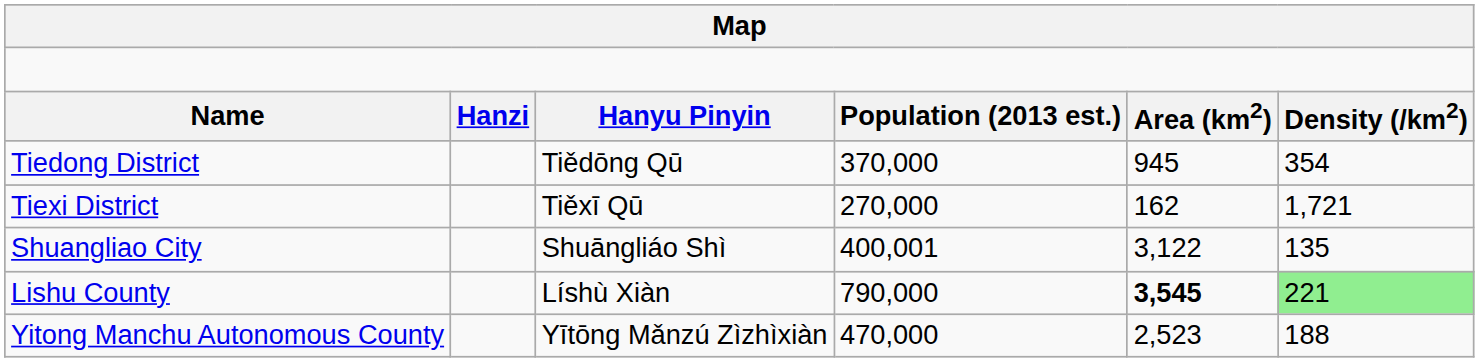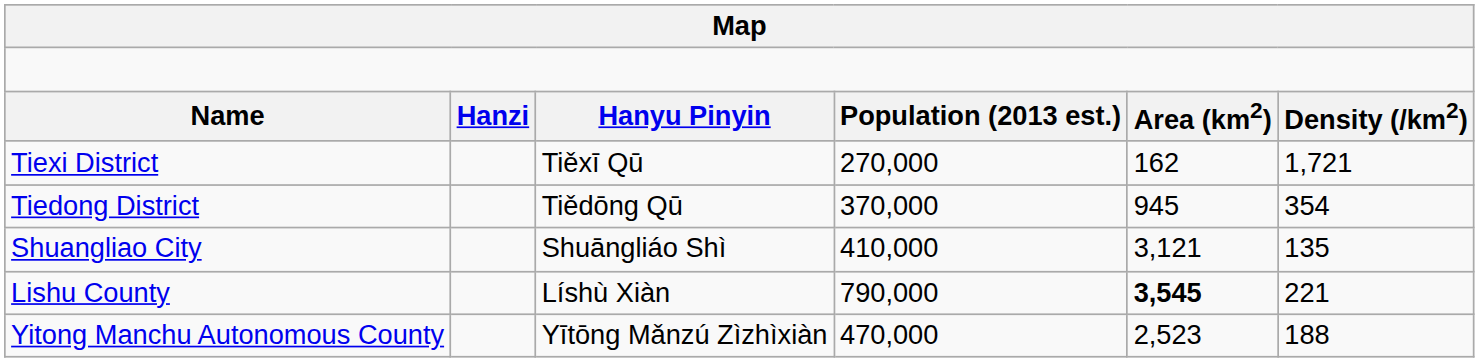 <table class="wikitable" align=center>
 <tr>
 <th colspan="6" align="center">Map</th>
 </tr>
 <tr>
 <td colspan="6" align="center"><div><br>        </div></td>
 </tr>
 <tr>
 <th>Name</th>
 <th><a href='#'>Hanzi</a></th>
 <th><a href='#'>Hanyu Pinyin</a></th>
 <th>Population (2013 est.)</th>
 <th>Area (km<sup>2</sup>)</th>
 <th>Density (/km<sup>2</sup>)</th>
 </tr>
 <tr --------->
+<td><a href='#'>Tiexi District</a></td>
+<td></td>
+<td>Tiěxī Qū</td>
+<td>270,000</td>
+<td>162</td>
+<td>1,721</td>
+</tr>
+<tr --------->
 <td><a href='#'>Tiedong District</a></td>
 <td></td>
 <td>Tiědōng Qū</td>
 <td>370,000</td>
 <td>945</td>
 <td>354</td>
 </tr>
 <tr --------->
-<td><a href='#'>Tiexi District</a></td>
-<td></td>
-<td>Tiěxī Qū</td>
-<td>270,000</td>
-<td>162</td>
-<td>1,721</td>
-</tr>
-<tr --------->
 <td><a href='#'>Shuangliao City</a></td>
 <td></td>
 <td>Shuāngliáo Shì</td>
-<td>400,001</td>
-<td>3,122</td>
+<td>410,000</td>
+<td>3,121</td>
 <td>135</td>
 </tr>
 <tr --------->
 <td><a href='#'>Lishu County</a></td>
 <td></td>
 <td>Líshù Xiàn</td>
 <td>790,000</td>
 <td><strong>3,545</strong></td>
-<td style="background: lightgreen;">221</td>
+<td>221</td>
 </tr>
 <tr --------->
 <td><a href='#'>Yitong Manchu Autonomous County</a></td>
 <td></td>
 <td>Yītōng Mǎnzú Zìzhìxiàn</td>
 <td>470,000</td>
 <td>2,523</td>
 <td>188</td>
 </tr>
 </table>
